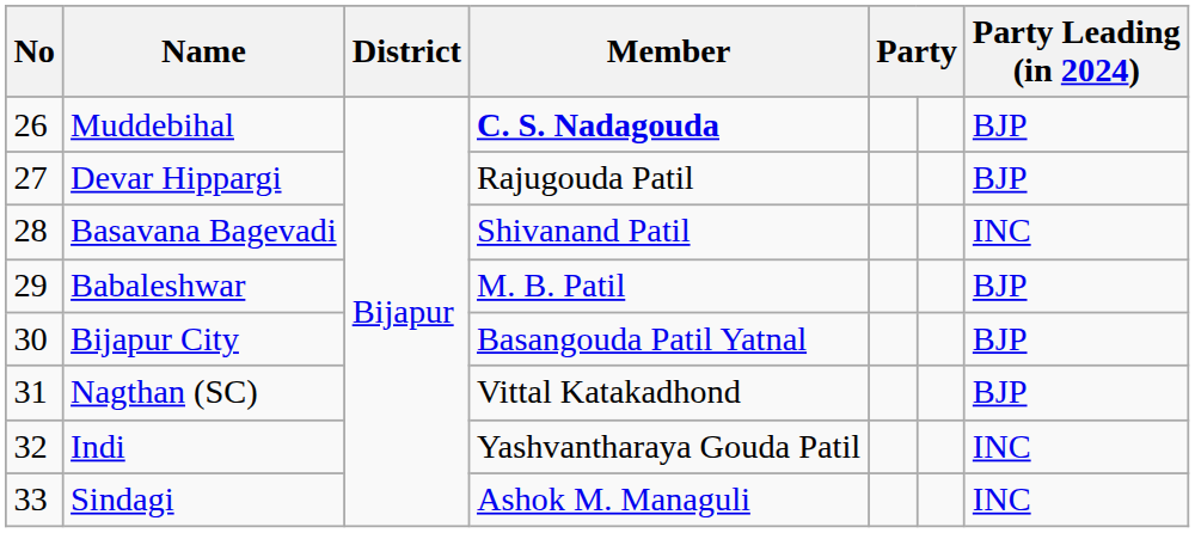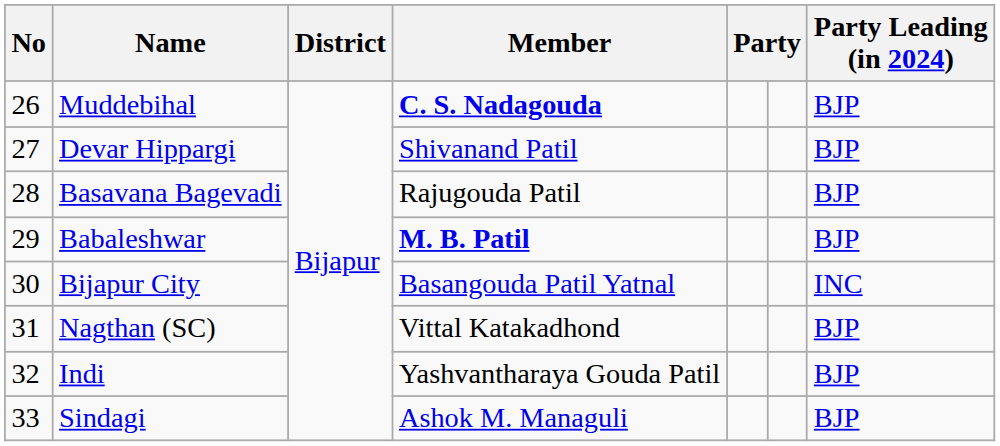 <table class="wikitable sortable">
 <tr>
 <th>No</th>
 <th>Name</th>
 <th>District</th>
 <th>Member</th>
 <th colspan="2">Party</th>
 <th colspan="2">Party Leading<br>(in <a href='#'>2024</a>)</th>
 </tr>
 <tr>
 <td>26</td>
 <td><a href='#'>Muddebihal</a></td>
 <td rowspan="8"><a href='#'>Bijapur</a></td>
 <td><strong><a href='#'>C. S. Nadagouda</a></strong></td>
 <td></td>
 <td style="background-color: "></td>
 <td><a href='#'>BJP</a></td>
 </tr>
 <tr>
 <td>27</td>
 <td><a href='#'>Devar Hippargi</a></td>
-<td>Rajugouda Patil</td>
+<td><a href='#'>Shivanand Patil</a></td>
 <td></td>
 <td style="background-color: "></td>
 <td><a href='#'>BJP</a></td>
 </tr>
 <tr>
 <td>28</td>
 <td><a href='#'>Basavana Bagevadi</a></td>
-<td><a href='#'>Shivanand Patil</a></td>
+<td>Rajugouda Patil</td>
 <td></td>
 <td style="background-color: "></td>
-<td><a href='#'>INC</a></td>
+<td><a href='#'>BJP</a></td>
 </tr>
 <tr>
 <td>29</td>
 <td><a href='#'>Babaleshwar</a></td>
-<td><a href='#'>M. B. Patil</a></td>
+<td><strong><a href='#'>M. B. Patil</a></strong></td>
 <td></td>
 <td style="background-color: "></td>
 <td><a href='#'>BJP</a></td>
 </tr>
 <tr>
 <td>30</td>
 <td><a href='#'>Bijapur City</a></td>
 <td><a href='#'>Basangouda Patil Yatnal</a></td>
 <td></td>
 <td style="background-color: "></td>
-<td><a href='#'>BJP</a></td>
+<td><a href='#'>INC</a></td>
 </tr>
 <tr>
 <td>31</td>
 <td><a href='#'>Nagthan</a> (SC)</td>
 <td>Vittal Katakadhond</td>
 <td></td>
 <td style="background-color: "></td>
 <td><a href='#'>BJP</a></td>
 </tr>
 <tr>
 <td>32</td>
 <td><a href='#'>Indi</a></td>
 <td>Yashvantharaya Gouda Patil</td>
 <td></td>
 <td style="background-color: "></td>
-<td><a href='#'>INC</a></td>
+<td><a href='#'>BJP</a></td>
 </tr>
 <tr>
 <td>33</td>
 <td><a href='#'>Sindagi</a></td>
 <td><a href='#'>Ashok M. Managuli</a></td>
 <td></td>
 <td style="background-color: "></td>
-<td><a href='#'>INC</a></td>
+<td><a href='#'>BJP</a></td>
 </tr>
 </table>
